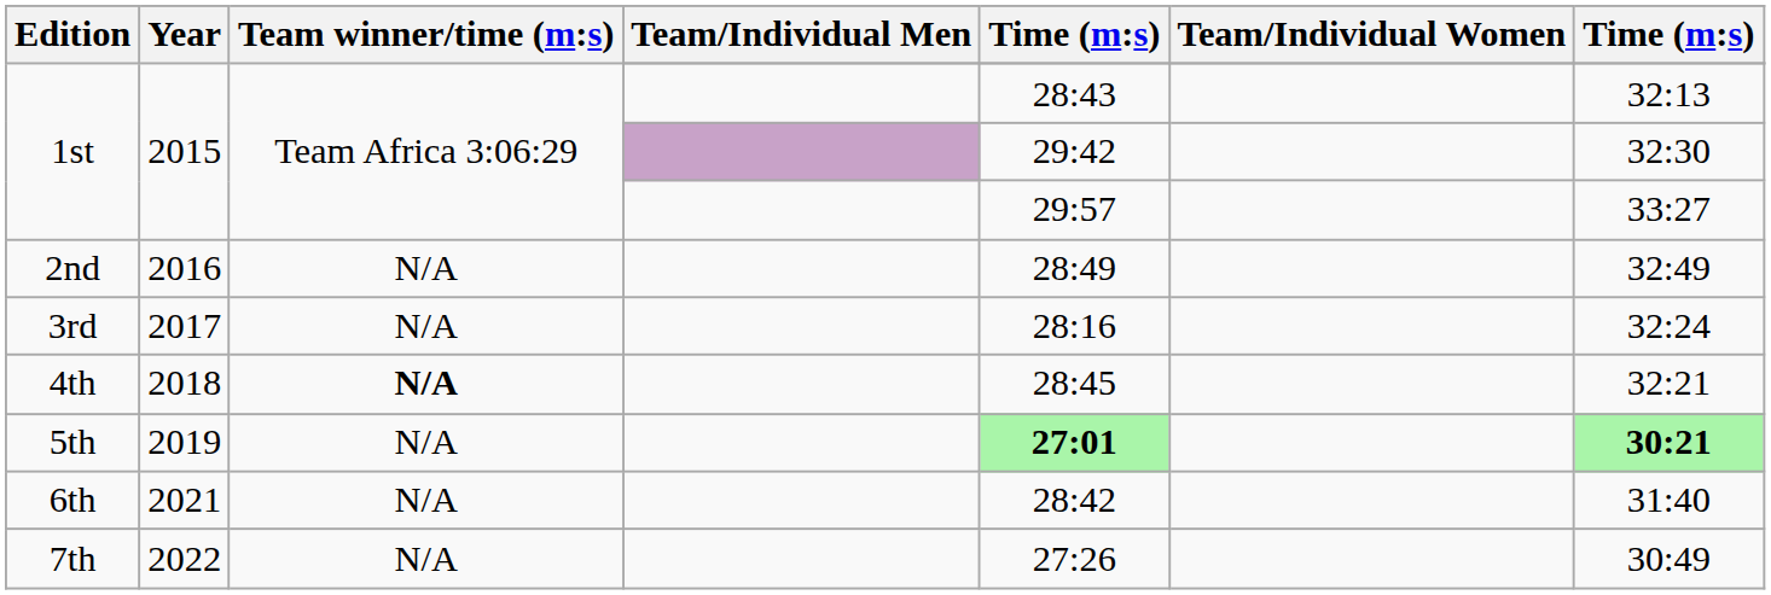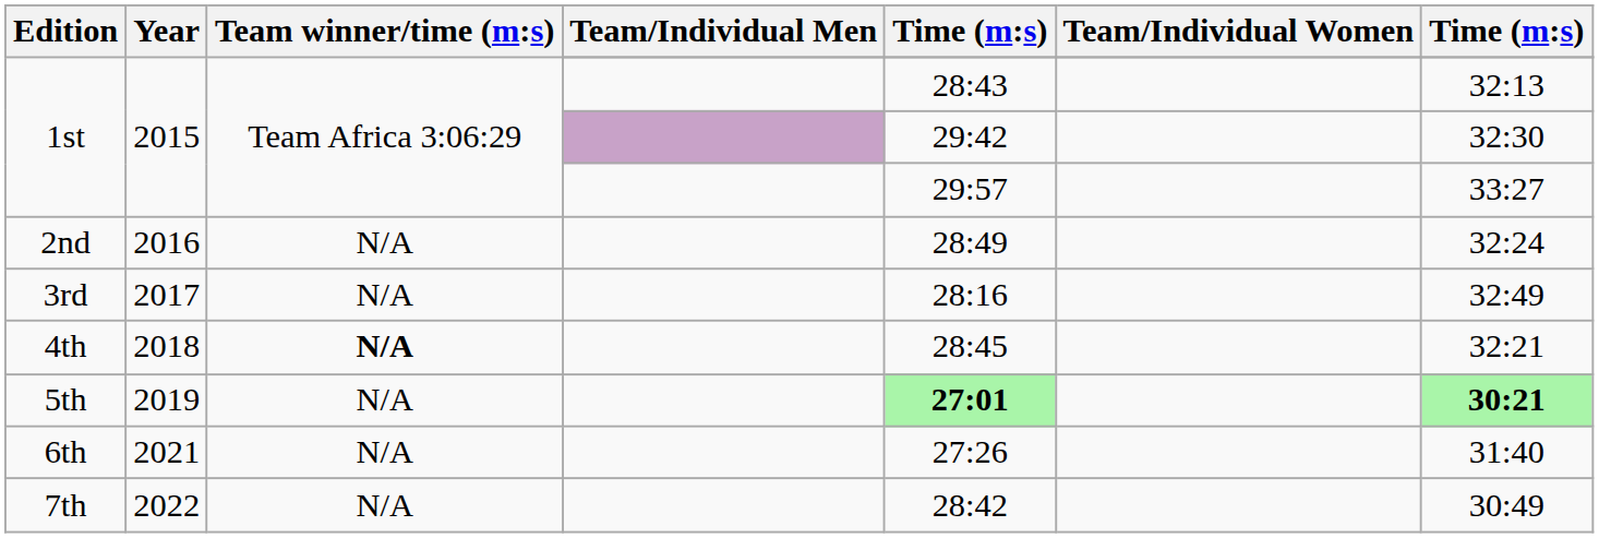 <table class="wikitable sortable" style="text-align:center">
 <tr>
 <th class=unsortable>Edition</th>
 <th>Year</th>
 <th>Team winner/time (<a href='#'>m</a>:<a href='#'>s</a>)</th>
 <th class=unsortable>Team/Individual Men</th>
 <th>Time (<a href='#'>m</a>:<a href='#'>s</a>)</th>
 <th class=unsortable>Team/Individual Women</th>
 <th>Time (<a href='#'>m</a>:<a href='#'>s</a>)</th>
 </tr>
 <tr>
 <td rowspan="4">1st</td>
 <td rowspan="4">2015</td>
 <td rowspan="4">Team Africa 3:06:29</td>
 </tr>
 <tr>
 <td align=left></td>
 <td>28:43</td>
 <td align=left></td>
 <td>32:13</td>
 </tr>
 <tr>
 <td style="background:#c8a2c8;"></td>
 <td>29:42</td>
 <td align=left></td>
 <td>32:30</td>
 </tr>
 <tr>
 <td align=left></td>
 <td>29:57</td>
 <td align=left></td>
 <td>33:27</td>
 </tr>
 <tr>
 <td>2nd</td>
 <td>2016</td>
 <td>N/A</td>
 <td align=left></td>
 <td>28:49</td>
 <td align=left></td>
-<td>32:49</td>
+<td>32:24</td>
 </tr>
 <tr>
 <td>3rd</td>
 <td>2017</td>
 <td>N/A</td>
 <td align=left></td>
 <td>28:16</td>
 <td align=left></td>
-<td>32:24</td>
+<td>32:49</td>
 </tr>
 <tr>
 <td>4th</td>
 <td>2018</td>
 <td><strong>N/A</strong></td>
 <td align=left></td>
 <td>28:45</td>
 <td align=left></td>
 <td>32:21</td>
 </tr>
 <tr>
 <td>5th</td>
 <td>2019</td>
 <td>N/A</td>
 <td align=left></td>
 <td style="background:#a9f5a9;"><strong>27:01</strong></td>
 <td align=left></td>
 <td style="background:#a9f5a9;"><strong>30:21</strong></td>
 </tr>
 <tr>
 <td>6th</td>
 <td>2021</td>
 <td>N/A</td>
 <td align=left></td>
-<td>28:42</td>
+<td>27:26</td>
 <td align=left></td>
 <td>31:40</td>
 </tr>
 <tr>
 <td>7th</td>
 <td>2022</td>
 <td>N/A</td>
 <td align=left></td>
-<td>27:26</td>
+<td>28:42</td>
 <td align=left></td>
 <td>30:49</td>
 </tr>
 </table>
